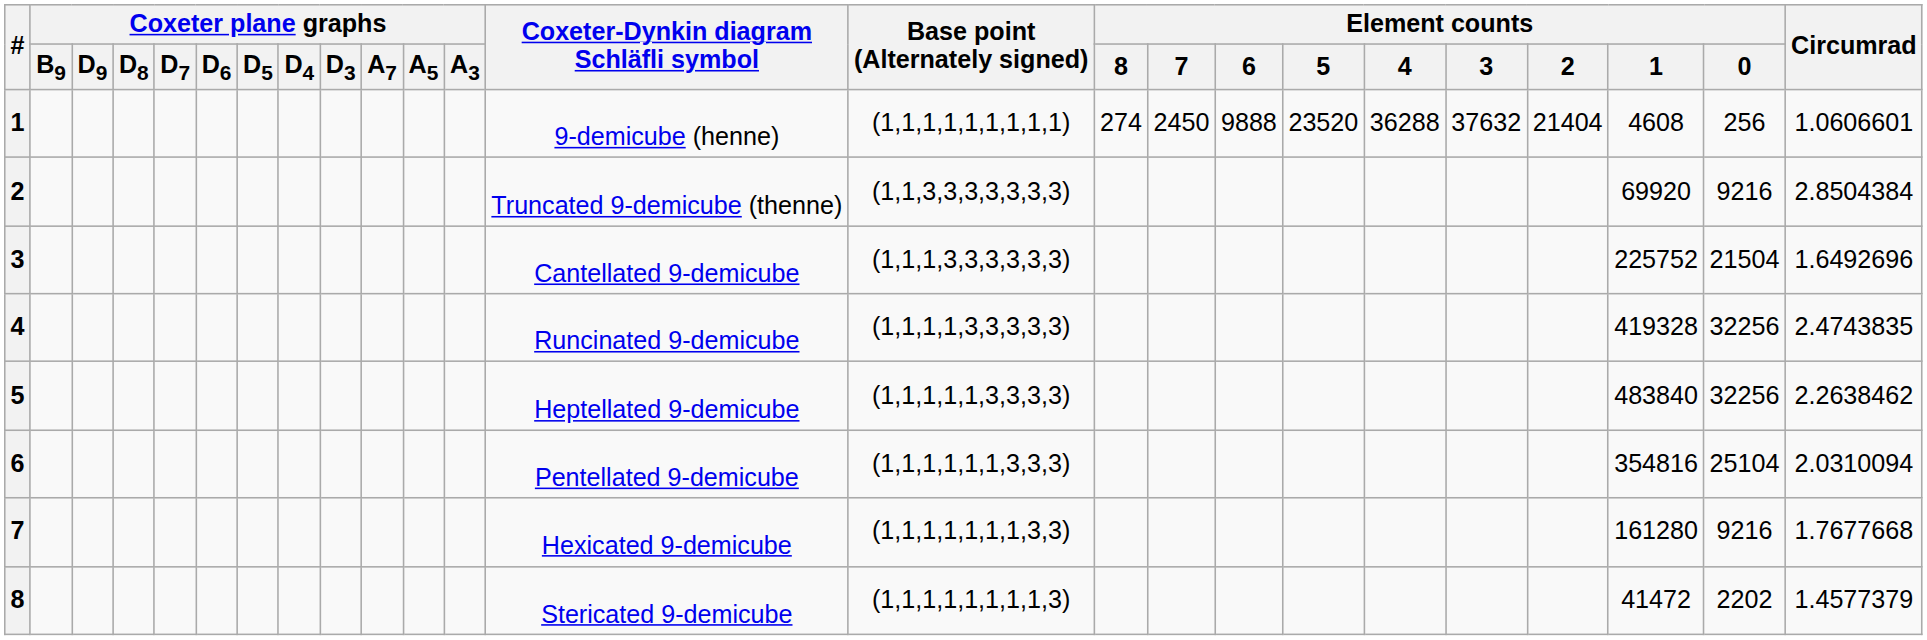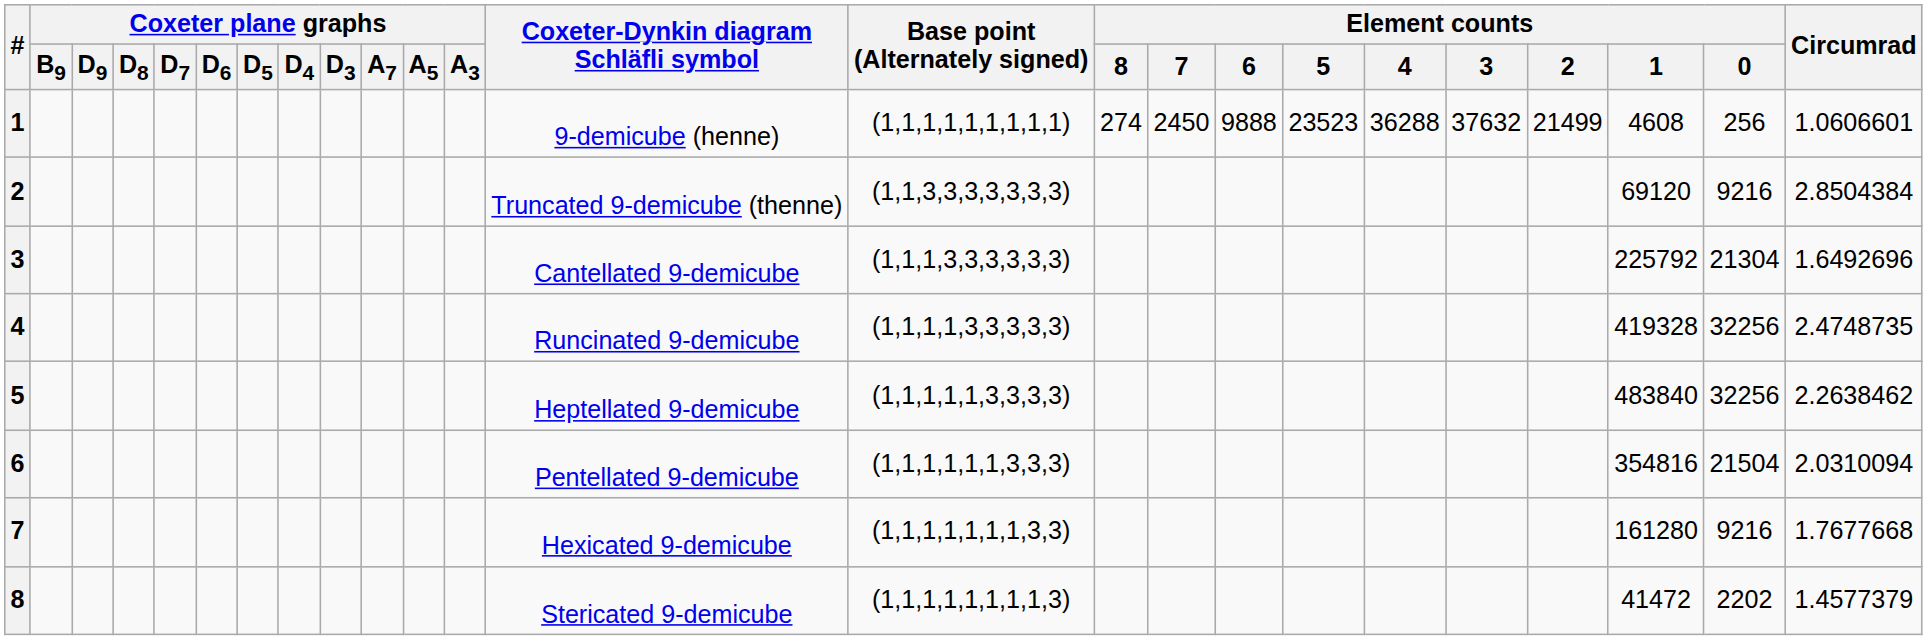 <table class="wikitable">
 <tr>
 <th rowspan=2>#</th>
 <th colspan=11><a href='#'>Coxeter plane</a> graphs</th>
 <th rowspan=2><a href='#'>Coxeter-Dynkin diagram</a><br><a href='#'>Schläfli symbol</a></th>
 <th rowspan=2>Base point<br>(Alternately signed)</th>
 <th colspan=9>Element counts</th>
 <th rowspan=2>Circumrad</th>
 </tr>
 <tr>
 <th>B<sub>9</sub></th>
 <th>D<sub>9</sub></th>
 <th>D<sub>8</sub></th>
 <th>D<sub>7</sub></th>
 <th>D<sub>6</sub></th>
 <th>D<sub>5</sub></th>
 <th>D<sub>4</sub></th>
 <th>D<sub>3</sub></th>
 <th>A<sub>7</sub></th>
 <th>A<sub>5</sub></th>
 <th>A<sub>3</sub></th>
 <th>8</th>
 <th>7</th>
 <th>6</th>
 <th>5</th>
 <th>4</th>
 <th>3</th>
 <th>2</th>
 <th>1</th>
 <th>0</th>
 </tr>
 <tr align=center>
 <th>1</th>
 <td></td>
 <td></td>
 <td></td>
 <td></td>
 <td></td>
 <td></td>
 <td></td>
 <td></td>
 <td></td>
 <td></td>
 <td></td>
 <td><br><a href='#'>9-demicube</a> (henne)</td>
 <td>(1,1,1,1,1,1,1,1,1)</td>
 <td>274</td>
 <td>2450</td>
 <td>9888</td>
-<td>23520</td>
+<td>23523</td>
 <td>36288</td>
 <td>37632</td>
-<td>21404</td>
+<td>21499</td>
 <td>4608</td>
 <td>256</td>
 <td>1.0606601</td>
 </tr>
 <tr align=center>
 <th>2</th>
 <td></td>
 <td></td>
 <td></td>
 <td></td>
 <td></td>
 <td></td>
 <td></td>
 <td></td>
 <td></td>
 <td></td>
 <td></td>
 <td><br><a href='#'>Truncated 9-demicube</a> (thenne)</td>
 <td>(1,1,3,3,3,3,3,3,3)</td>
 <td></td>
 <td></td>
 <td></td>
 <td></td>
 <td></td>
 <td></td>
 <td></td>
-<td>69920</td>
+<td>69120</td>
 <td>9216</td>
 <td>2.8504384</td>
 </tr>
 <tr align=center>
 <th>3</th>
 <td></td>
 <td></td>
 <td></td>
 <td></td>
 <td></td>
 <td></td>
 <td></td>
 <td></td>
 <td></td>
 <td></td>
 <td></td>
 <td><br><a href='#'>Cantellated 9-demicube</a></td>
 <td>(1,1,1,3,3,3,3,3,3)</td>
 <td></td>
 <td></td>
 <td></td>
 <td></td>
 <td></td>
 <td></td>
 <td></td>
-<td>225752</td>
-<td>21504</td>
+<td>225792</td>
+<td>21304</td>
 <td>1.6492696</td>
 </tr>
 <tr align=center>
 <th>4</th>
 <td></td>
 <td></td>
 <td></td>
 <td></td>
 <td></td>
 <td></td>
 <td></td>
 <td></td>
 <td></td>
 <td></td>
 <td></td>
 <td><br><a href='#'>Runcinated 9-demicube</a></td>
 <td>(1,1,1,1,3,3,3,3,3)</td>
 <td></td>
 <td></td>
 <td></td>
 <td></td>
 <td></td>
 <td></td>
 <td></td>
 <td>419328</td>
 <td>32256</td>
-<td>2.4743835</td>
+<td>2.4748735</td>
 </tr>
 <tr align=center>
 <th>5</th>
 <td></td>
 <td></td>
 <td></td>
 <td></td>
 <td></td>
 <td></td>
 <td></td>
 <td></td>
 <td></td>
 <td></td>
 <td></td>
 <td><br><a href='#'>Heptellated 9-demicube</a></td>
 <td>(1,1,1,1,1,3,3,3,3)</td>
 <td></td>
 <td></td>
 <td></td>
 <td></td>
 <td></td>
 <td></td>
 <td></td>
 <td>483840</td>
 <td>32256</td>
 <td>2.2638462</td>
 </tr>
 <tr align=center>
 <th>6</th>
 <td></td>
 <td></td>
 <td></td>
 <td></td>
 <td></td>
 <td></td>
 <td></td>
 <td></td>
 <td></td>
 <td></td>
 <td></td>
 <td><br><a href='#'>Pentellated 9-demicube</a></td>
 <td>(1,1,1,1,1,1,3,3,3)</td>
 <td></td>
 <td></td>
 <td></td>
 <td></td>
 <td></td>
 <td></td>
 <td></td>
 <td>354816</td>
-<td>25104</td>
+<td>21504</td>
 <td>2.0310094</td>
 </tr>
 <tr align=center>
 <th>7</th>
 <td></td>
 <td></td>
 <td></td>
 <td></td>
 <td></td>
 <td></td>
 <td></td>
 <td></td>
 <td></td>
 <td></td>
 <td></td>
 <td><br><a href='#'>Hexicated 9-demicube</a></td>
 <td>(1,1,1,1,1,1,1,3,3)</td>
 <td></td>
 <td></td>
 <td></td>
 <td></td>
 <td></td>
 <td></td>
 <td></td>
 <td>161280</td>
 <td>9216</td>
 <td>1.7677668</td>
 </tr>
 <tr align=center>
 <th>8</th>
 <td></td>
 <td></td>
 <td></td>
 <td></td>
 <td></td>
 <td></td>
 <td></td>
 <td></td>
 <td></td>
 <td></td>
 <td></td>
 <td><br><a href='#'>Stericated 9-demicube</a></td>
 <td>(1,1,1,1,1,1,1,1,3)</td>
 <td></td>
 <td></td>
 <td></td>
 <td></td>
 <td></td>
 <td></td>
 <td></td>
 <td>41472</td>
 <td>2202</td>
 <td>1.4577379</td>
 </tr>
 </table>
